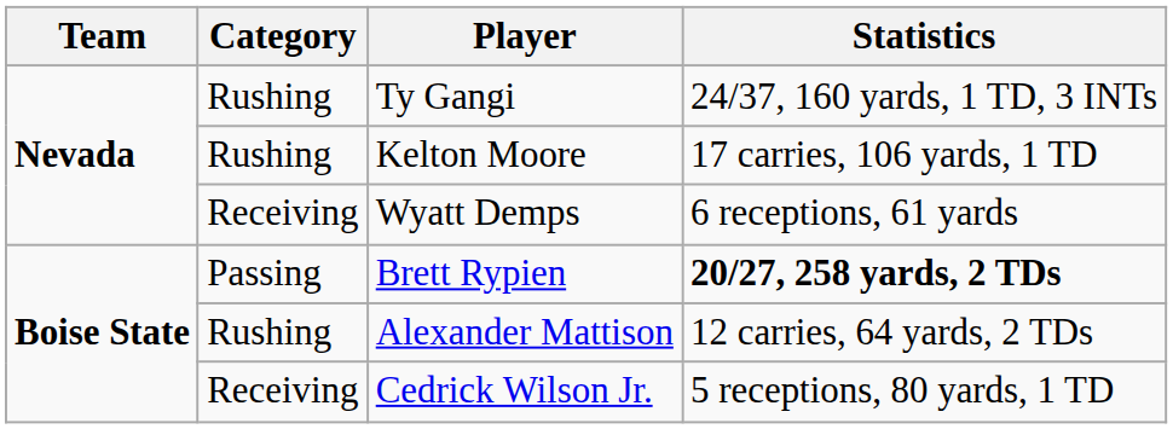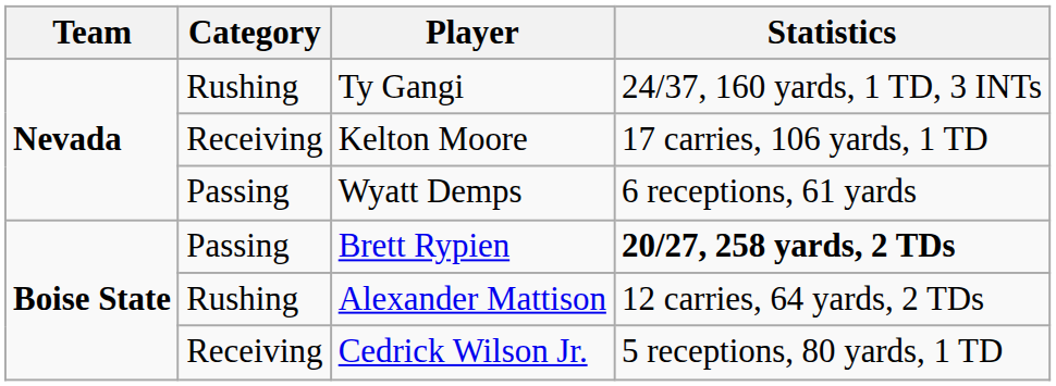 <table class="wikitable" style="float: left;">
 <tr>
 <th>Team</th>
 <th>Category</th>
 <th>Player</th>
 <th>Statistics</th>
 </tr>
 <tr>
 <td rowspan=3><strong>Nevada</strong></td>
 <td>Rushing</td>
 <td>Ty Gangi</td>
 <td>24/37, 160 yards, 1 TD, 3 INTs</td>
 </tr>
 <tr>
-<td>Rushing</td>
+<td>Receiving</td>
 <td>Kelton Moore</td>
 <td>17 carries, 106 yards, 1 TD</td>
 </tr>
 <tr>
-<td>Receiving</td>
+<td>Passing</td>
 <td>Wyatt Demps</td>
 <td>6 receptions, 61 yards</td>
 </tr>
 <tr>
 <td rowspan=3><strong>Boise State</strong></td>
 <td>Passing</td>
 <td><a href='#'>Brett Rypien</a></td>
 <td><strong>20/27, 258 yards, 2 TDs</strong></td>
 </tr>
 <tr>
 <td>Rushing</td>
 <td><a href='#'>Alexander Mattison</a></td>
 <td>12 carries, 64 yards, 2 TDs</td>
 </tr>
 <tr>
 <td>Receiving</td>
 <td><a href='#'>Cedrick Wilson Jr.</a></td>
 <td>5 receptions, 80 yards, 1 TD</td>
 </tr>
 </table>
